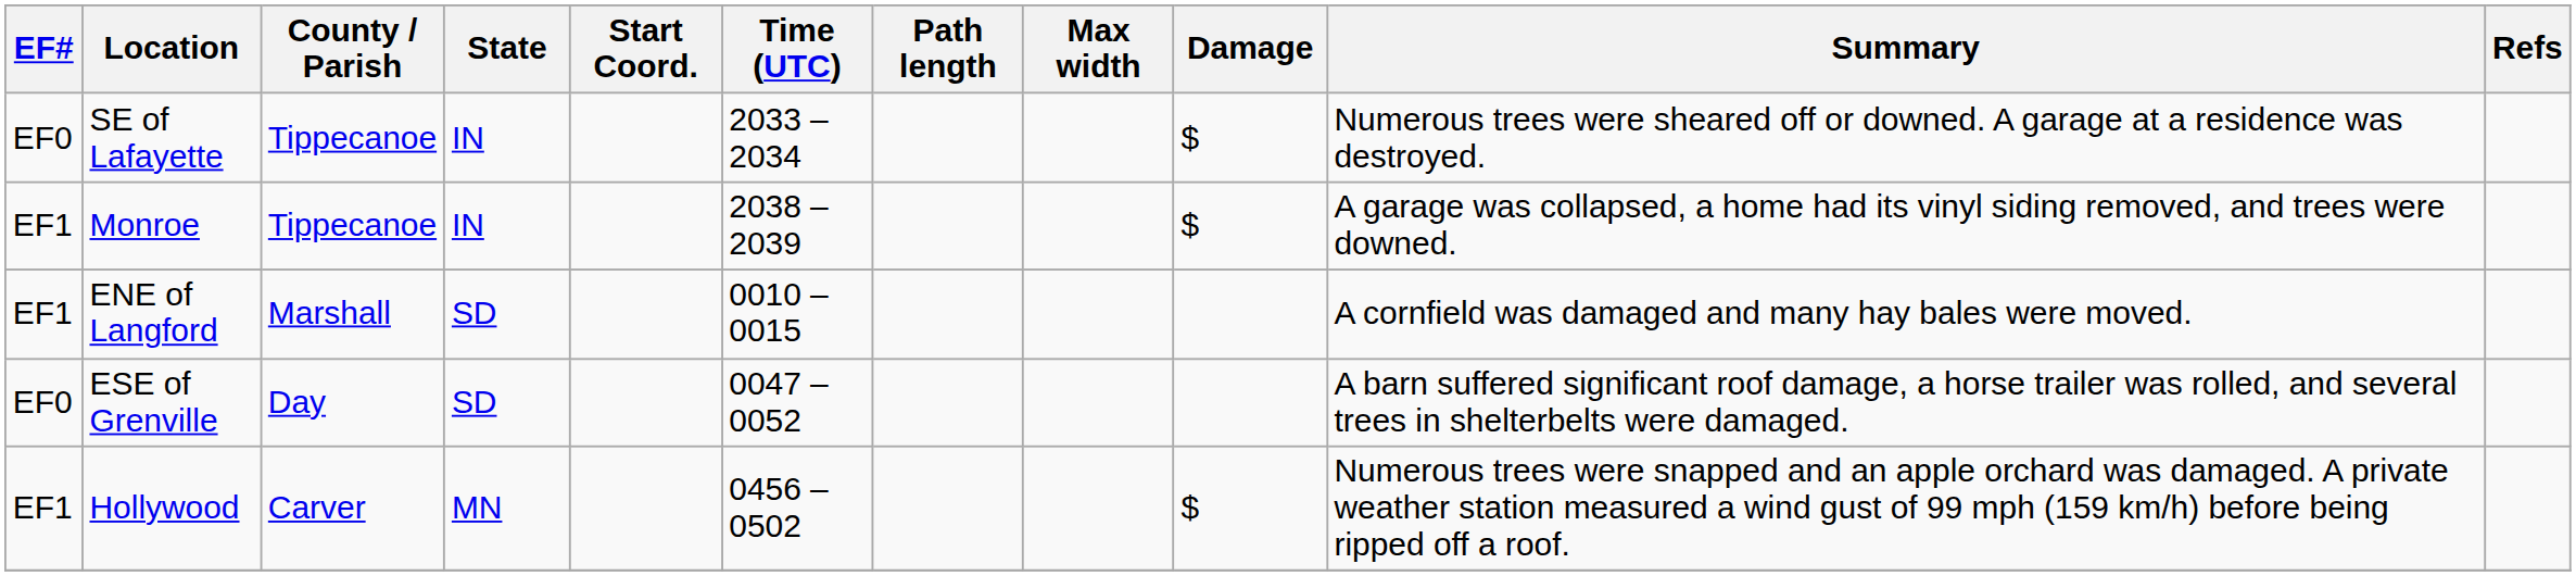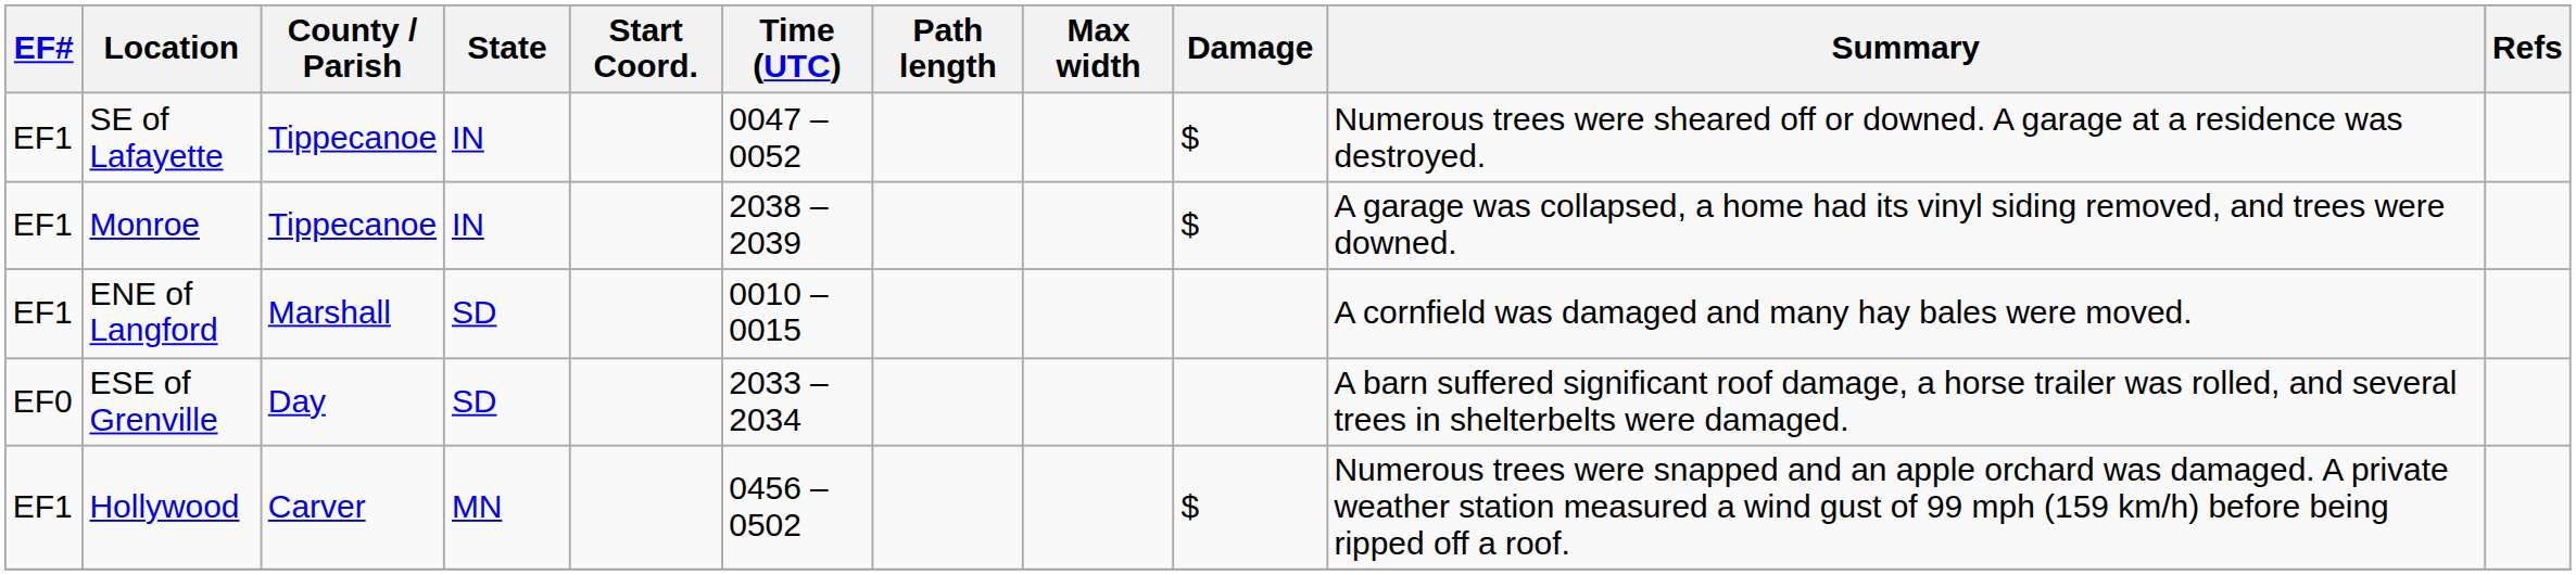 <table class="wikitable sortable" style="width:100%;">
 <tr>
 <th scope="col" width="3%" align="center"><a href='#'>EF#</a></th>
 <th scope="col" width="7%" align="center" class="unsortable">Location</th>
 <th scope="col" width="6%" align="center" class="unsortable">County / Parish</th>
 <th scope="col" width="5%" align="center">State</th>
 <th scope="col" width="6%" align="center">Start Coord.</th>
 <th scope="col" width="6%" align="center">Time (<a href='#'>UTC</a>)</th>
 <th scope="col" width="6%" align="center">Path length</th>
 <th scope="col" width="6%" align="center">Max width</th>
 <th scope="col" width="6%" align="center">Damage</th>
 <th scope="col" width="48%" class="unsortable" align="center">Summary</th>
 <th scope="col" width="48%" class="unsortable" align="center">Refs</th>
 </tr>
 <tr>
-<td>EF0</td>
+<td>EF1</td>
 <td>SE of <a href='#'>Lafayette</a></td>
 <td><a href='#'>Tippecanoe</a></td>
 <td><a href='#'>IN</a></td>
 <td></td>
-<td>2033 – 2034</td>
+<td>0047 – 0052</td>
 <td></td>
 <td></td>
 <td>$</td>
 <td>Numerous trees were sheared off or downed. A garage at a residence was destroyed.</td>
 <td></td>
 </tr>
 <tr>
 <td>EF1</td>
 <td><a href='#'>Monroe</a></td>
 <td><a href='#'>Tippecanoe</a></td>
 <td><a href='#'>IN</a></td>
 <td></td>
 <td>2038 – 2039</td>
 <td></td>
 <td></td>
 <td>$</td>
 <td>A garage was collapsed, a home had its vinyl siding removed, and trees were downed.</td>
 <td></td>
 </tr>
 <tr>
 <td>EF1</td>
 <td>ENE of <a href='#'>Langford</a></td>
 <td><a href='#'>Marshall</a></td>
 <td><a href='#'>SD</a></td>
 <td></td>
 <td>0010 – 0015</td>
 <td></td>
 <td></td>
 <td></td>
 <td>A cornfield was damaged and many hay bales were moved.</td>
 <td></td>
 </tr>
 <tr>
 <td>EF0</td>
 <td>ESE of <a href='#'>Grenville</a></td>
 <td><a href='#'>Day</a></td>
 <td><a href='#'>SD</a></td>
 <td></td>
-<td>0047 – 0052</td>
+<td>2033 – 2034</td>
 <td></td>
 <td></td>
 <td></td>
 <td>A barn suffered significant roof damage, a horse trailer was rolled, and several trees in shelterbelts were damaged.</td>
 <td></td>
 </tr>
 <tr>
 <td>EF1</td>
 <td><a href='#'>Hollywood</a></td>
 <td><a href='#'>Carver</a></td>
 <td><a href='#'>MN</a></td>
 <td></td>
 <td>0456 – 0502</td>
 <td></td>
 <td></td>
 <td>$</td>
 <td>Numerous trees were snapped and an apple orchard was damaged. A private weather station measured a wind gust of 99 mph (159 km/h) before being ripped off a roof.</td>
 <td></td>
 </tr>
 <tr>
 </tr>
 </table>
